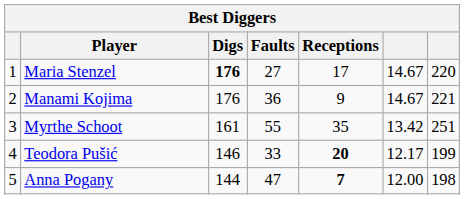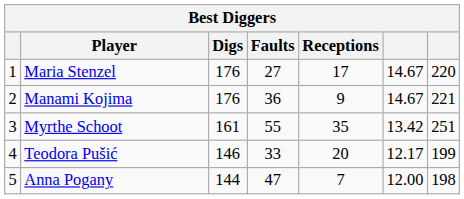 <table class="wikitable sortable" style=font-size:90%>
 <tr>
 <th colspan=7>Best Diggers</th>
 </tr>
 <tr>
 <th></th>
 <th width=158>Player</th>
 <th width=20>Digs</th>
 <th width=20>Faults</th>
 <th width=20>Receptions</th>
 <th width=20></th>
 <th width=20></th>
 </tr>
 <tr>
 <td>1</td>
 <td> <a href='#'>Maria Stenzel</a></td>
-<td align=center><strong>176</strong></td>
+<td align=center>176</td>
 <td align=center>27</td>
 <td align=center>17</td>
 <td align=center>14.67</td>
 <td align=center>220</td>
 </tr>
 <tr>
 <td>2</td>
 <td> <a href='#'>Manami Kojima</a></td>
 <td align=center>176</td>
 <td align=center>36</td>
 <td align=center>9</td>
 <td align=center>14.67</td>
 <td align=center>221</td>
 </tr>
 <tr>
 <td>3</td>
 <td> <a href='#'>Myrthe Schoot</a></td>
 <td align=center>161</td>
 <td align=center>55</td>
 <td align=center>35</td>
 <td align=center>13.42</td>
 <td align=center>251</td>
 </tr>
 <tr>
 <td>4</td>
 <td> <a href='#'>Teodora Pušić</a></td>
 <td align=center>146</td>
 <td align=center>33</td>
-<td align=center><strong>20</strong></td>
+<td align=center>20</td>
 <td align=center>12.17</td>
 <td align=center>199</td>
 </tr>
 <tr>
 <td>5</td>
 <td> <a href='#'>Anna Pogany</a></td>
 <td align=center>144</td>
 <td align=center>47</td>
-<td align=center><strong>7</strong></td>
+<td align=center>7</td>
 <td align=center>12.00</td>
 <td align=center>198</td>
 </tr>
 </table>
